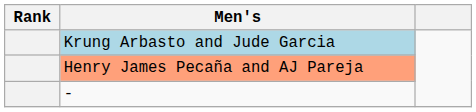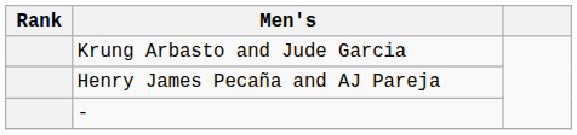 <table class="wikitable" style="text-align: center;">
 <tr>
 <th width=40>Rank</th>
 <th width=290>Men's</th>
 <th width=40></th>
 </tr>
 <tr>
 <th></th>
-<td style="background: lightblue; text-align:left;">Krung Arbasto and Jude Garcia </td>
+<td style="text-align:left;">Krung Arbasto and Jude Garcia </td>
 <td rowspan=3></td>
 </tr>
 <tr>
 <th></th>
-<td style="background: lightsalmon; text-align:left;">Henry James Pecaña and AJ Pareja </td>
+<td style="text-align:left;">Henry James Pecaña and AJ Pareja </td>
 </tr>
 <tr>
 <th></th>
 <td style="text-align:left;">-</td>
 </tr>
 <tr>
 </tr>
 </table>
